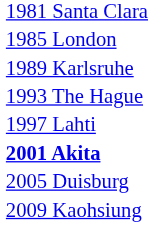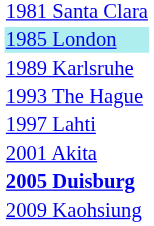 <table>
 <tr>
 <td><a href='#'>1981 Santa Clara</a></td>
 <td></td>
 <td></td>
 <td><br></td>
 </tr>
 <tr>
-<td><a href='#'>1985 London</a></td>
+<td style="background: paleturquoise;"><a href='#'>1985 London</a></td>
 <td></td>
 <td></td>
 <td><br></td>
 </tr>
 <tr>
 <td><a href='#'>1989 Karlsruhe</a></td>
 <td></td>
 <td></td>
 <td><br></td>
 </tr>
 <tr>
 <td><a href='#'>1993 The Hague</a></td>
 <td></td>
 <td></td>
 <td></td>
 </tr>
 <tr>
 <td><a href='#'>1997 Lahti</a></td>
 <td></td>
 <td></td>
 <td><br></td>
 </tr>
 <tr>
-<td><strong><a href='#'>2001 Akita</a></strong></td>
+<td><a href='#'>2001 Akita</a></td>
 <td></td>
 <td></td>
 <td></td>
 </tr>
 <tr>
-<td><a href='#'>2005 Duisburg</a></td>
+<td><strong><a href='#'>2005 Duisburg</a></strong></td>
 <td></td>
 <td></td>
 <td></td>
 </tr>
 <tr>
 <td><a href='#'>2009 Kaohsiung</a></td>
 <td></td>
 <td></td>
 <td></td>
 </tr>
 </table>
